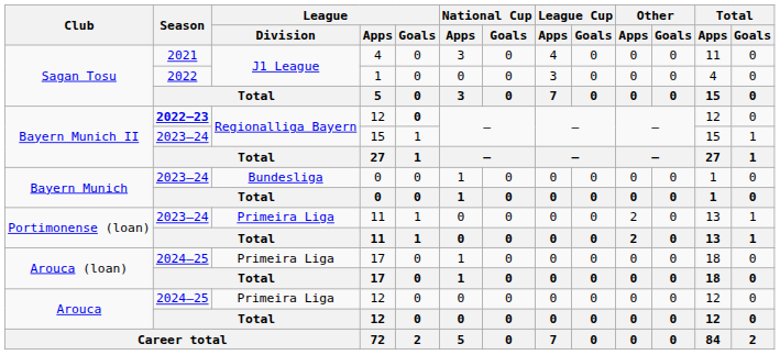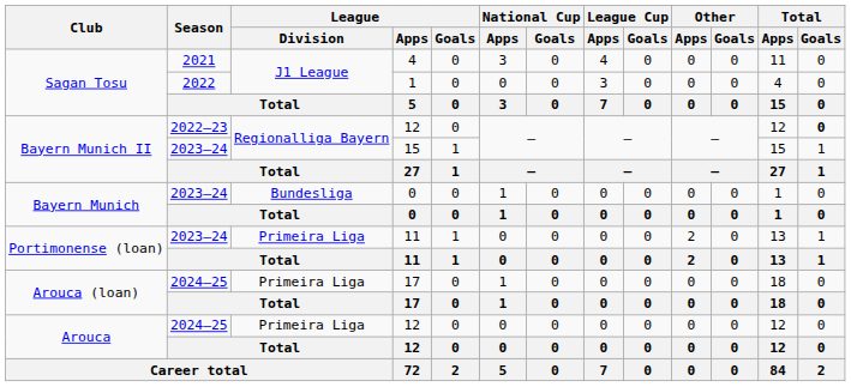 <table class="wikitable" style="text-align: center">
 <tr>
 <th rowspan="2">Club</th>
 <th rowspan="2">Season</th>
 <th colspan="3">League</th>
 <th colspan="2">National Cup</th>
 <th colspan="2">League Cup</th>
 <th colspan="2">Other</th>
 <th colspan="2">Total</th>
 </tr>
 <tr>
 <th>Division</th>
 <th>Apps</th>
 <th>Goals</th>
 <th>Apps</th>
 <th>Goals</th>
 <th>Apps</th>
 <th>Goals</th>
 <th>Apps</th>
 <th>Goals</th>
 <th>Apps</th>
 <th>Goals</th>
 </tr>
 <tr>
 <td rowspan="3"><a href='#'>Sagan Tosu</a></td>
 <td><a href='#'>2021</a></td>
 <td rowspan="2"><a href='#'>J1 League</a></td>
 <td>4</td>
 <td>0</td>
 <td>3</td>
 <td>0</td>
 <td>4</td>
 <td>0</td>
 <td>0</td>
 <td>0</td>
 <td>11</td>
 <td>0</td>
 </tr>
 <tr>
 <td><a href='#'>2022</a></td>
 <td>1</td>
 <td>0</td>
 <td>0</td>
 <td>0</td>
 <td>3</td>
 <td>0</td>
 <td>0</td>
 <td>0</td>
 <td>4</td>
 <td>0</td>
 </tr>
 <tr>
 <th colspan=2>Total</th>
 <th>5</th>
 <th>0</th>
 <th>3</th>
 <th>0</th>
 <th>7</th>
 <th>0</th>
 <th>0</th>
 <th>0</th>
 <th>15</th>
 <th>0</th>
 </tr>
 <tr>
 <td rowspan="3"><a href='#'>Bayern Munich II</a></td>
-<td><strong><a href='#'>2022–23</a></strong></td>
+<td><a href='#'>2022–23</a></td>
 <td rowspan="2"><a href='#'>Regionalliga Bayern</a></td>
 <td>12</td>
-<td><strong>0</strong></td>
+<td>0</td>
 <td colspan="2" rowspan="2">—</td>
 <td colspan="2" rowspan="2">—</td>
 <td colspan="2" rowspan="2">—</td>
 <td>12</td>
-<td>0</td>
+<td><strong>0</strong></td>
 </tr>
 <tr>
 <td><a href='#'>2023–24</a></td>
 <td>15</td>
 <td>1</td>
 <td>15</td>
 <td>1</td>
 </tr>
 <tr>
 <th colspan="2">Total</th>
 <th>27</th>
 <th>1</th>
 <th colspan="2">—</th>
 <th colspan="2">—</th>
 <th colspan="2">—</th>
 <th>27</th>
 <th>1</th>
 </tr>
 <tr>
 <td rowspan="2"><a href='#'>Bayern Munich</a></td>
 <td><a href='#'>2023–24</a></td>
 <td><a href='#'>Bundesliga</a></td>
 <td>0</td>
 <td>0</td>
 <td>1</td>
 <td>0</td>
 <td>0</td>
 <td>0</td>
 <td>0</td>
 <td>0</td>
 <td>1</td>
 <td>0</td>
 </tr>
 <tr>
 <th colspan="2">Total</th>
 <th>0</th>
 <th>0</th>
 <th>1</th>
 <th>0</th>
 <th>0</th>
 <th>0</th>
 <th>0</th>
 <th>0</th>
 <th>1</th>
 <th>0</th>
 </tr>
 <tr>
 <td rowspan="2"><a href='#'>Portimonense</a> (loan)</td>
 <td><a href='#'>2023–24</a></td>
 <td><a href='#'>Primeira Liga</a></td>
 <td>11</td>
 <td>1</td>
 <td>0</td>
 <td>0</td>
 <td>0</td>
 <td>0</td>
 <td>2</td>
 <td>0</td>
 <td>13</td>
 <td>1</td>
 </tr>
 <tr>
 <th colspan="2">Total</th>
 <th>11</th>
 <th>1</th>
 <th>0</th>
 <th>0</th>
 <th>0</th>
 <th>0</th>
 <th>2</th>
 <th>0</th>
 <th>13</th>
 <th>1</th>
 </tr>
 <tr>
 <td rowspan="2"><a href='#'>Arouca</a> (loan)</td>
 <td><a href='#'>2024–25</a></td>
 <td>Primeira Liga</td>
 <td>17</td>
 <td>0</td>
 <td>1</td>
 <td>0</td>
 <td>0</td>
 <td>0</td>
 <td>0</td>
 <td>0</td>
 <td>18</td>
 <td>0</td>
 </tr>
 <tr>
 <th colspan="2">Total</th>
 <th>17</th>
 <th>0</th>
 <th>1</th>
 <th>0</th>
 <th>0</th>
 <th>0</th>
 <th>0</th>
 <th>0</th>
 <th>18</th>
 <th>0</th>
 </tr>
 <tr>
 <td rowspan="2"><a href='#'>Arouca</a></td>
 <td><a href='#'>2024–25</a></td>
 <td>Primeira Liga</td>
 <td>12</td>
 <td>0</td>
 <td>0</td>
 <td>0</td>
 <td>0</td>
 <td>0</td>
 <td>0</td>
 <td>0</td>
 <td>12</td>
 <td>0</td>
 </tr>
 <tr>
 <th colspan="2">Total</th>
 <th>12</th>
 <th>0</th>
 <th>0</th>
 <th>0</th>
 <th>0</th>
 <th>0</th>
 <th>0</th>
 <th>0</th>
 <th>12</th>
 <th>0</th>
 </tr>
 <tr>
 <th colspan="3">Career total</th>
 <th>72</th>
 <th>2</th>
 <th>5</th>
 <th>0</th>
 <th>7</th>
 <th>0</th>
 <th>0</th>
 <th>0</th>
 <th>84</th>
 <th>2</th>
 </tr>
 </table>
